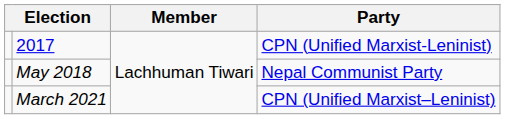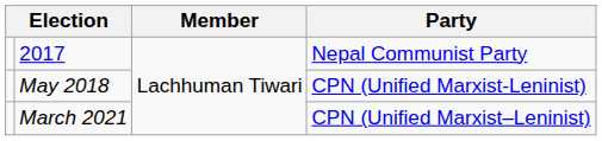 <table class="wikitable">
 <tr>
 <th colspan="2">Election</th>
 <th>Member</th>
 <th>Party</th>
 </tr>
 <tr>
 <td style="background-color:"></td>
 <td><a href='#'>2017</a></td>
 <td rowspan="3">Lachhuman Tiwari</td>
-<td><a href='#'>CPN (Unified Marxist-Leninist)</a></td>
+<td><a href='#'>Nepal Communist Party</a></td>
 </tr>
 <tr>
 <td style="background-color:"></td>
 <td><em>May 2018</em></td>
-<td><a href='#'>Nepal Communist Party</a></td>
+<td><a href='#'>CPN (Unified Marxist-Leninist)</a></td>
 </tr>
 <tr>
 <td style="background-color:"></td>
 <td><em>March 2021</em></td>
 <td><a href='#'>CPN (Unified Marxist–Leninist)</a></td>
 </tr>
 </table>
